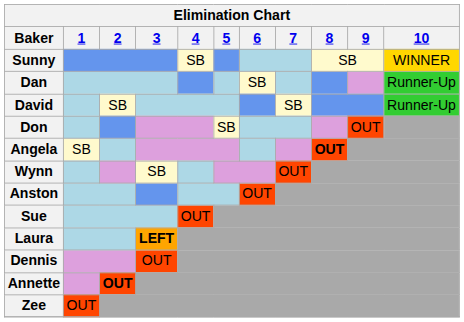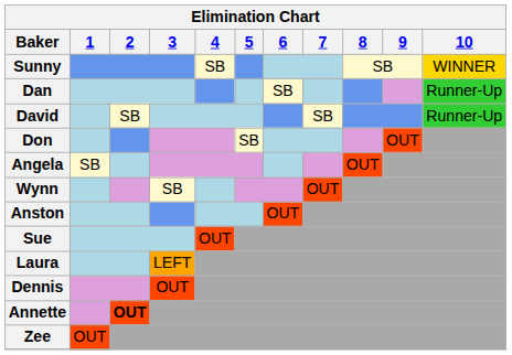 <table class="wikitable" style="text-align:center">
 <tr>
 <th colspan="11">Elimination Chart</th>
 </tr>
 <tr>
 <th>Baker</th>
 <th><a href='#'>1</a></th>
 <th><a href='#'>2</a></th>
 <th><a href='#'>3</a></th>
 <th><a href='#'>4</a></th>
 <th><a href='#'>5</a></th>
 <th><a href='#'>6</a></th>
 <th><a href='#'>7</a></th>
 <th><a href='#'>8</a></th>
 <th><a href='#'>9</a></th>
 <th><a href='#'>10</a></th>
 </tr>
 <tr>
 <th>Sunny</th>
 <td colspan="3" style="background:CornflowerBlue;"></td>
 <td style="background:LemonChiffon;">SB</td>
 <td style="background:CornflowerBlue;"></td>
 <td colspan="2" style="background:LightBlue;"></td>
 <td colspan="2" style="background:LemonChiffon;">SB</td>
 <td style="background:Gold;">WINNER</td>
 </tr>
 <tr>
 <th>Dan</th>
 <td colspan="3" style="background:LightBlue;"></td>
 <td style="background:CornflowerBlue;"></td>
 <td style="background:LightBlue;"></td>
 <td style="background:LemonChiffon;">SB</td>
 <td style="background:LightBlue;"></td>
 <td style="background:CornflowerBlue;"></td>
 <td style="background:Plum;"></td>
 <td style="background:LimeGreen;">Runner-Up</td>
 </tr>
 <tr>
 <th>David</th>
 <td style="background:LightBlue;"></td>
 <td style="background:LemonChiffon;">SB</td>
 <td colspan="3" style="background:LightBlue;"></td>
 <td style="background:CornflowerBlue;"></td>
 <td style="background:LemonChiffon;">SB</td>
 <td colspan="2" style="background:CornflowerBlue;"></td>
 <td style="background:LimeGreen;">Runner-Up</td>
 </tr>
 <tr>
 <th>Don</th>
 <td style="background:LightBlue;"></td>
 <td style="background:CornflowerBlue;"></td>
 <td colspan="2" style="background:Plum;"></td>
 <td style="background:LemonChiffon;">SB</td>
 <td colspan="2" style="background:LightBlue;"></td>
 <td style="background:Plum;"></td>
 <td style="background:OrangeRed;">OUT</td>
 <td style="background:DarkGrey;"></td>
 </tr>
 <tr>
 <th>Angela</th>
 <td style="background:LemonChiffon;">SB</td>
 <td style="background:LightBlue;"></td>
 <td colspan="3" style="background:Plum;"></td>
 <td style="background:LightBlue;"></td>
 <td style="background:Plum;"></td>
-<td style="background:OrangeRed;"><strong>OUT</strong></td>
+<td style="background:OrangeRed;">OUT</td>
 <td colspan="2" style="background:DarkGrey;"></td>
 </tr>
 <tr>
 <th>Wynn</th>
 <td style="background:LightBlue;"></td>
 <td style="background:Plum;"></td>
 <td style="background:LemonChiffon;">SB</td>
 <td style="background:LightBlue;"></td>
 <td colspan="2" style="background:Plum;"></td>
 <td style="background:OrangeRed;">OUT</td>
 <td colspan="3" style="background:DarkGrey;"></td>
 </tr>
 <tr>
 <th>Anston</th>
 <td colspan="2" style="background:LightBlue;"></td>
 <td style="background:CornflowerBlue;"></td>
 <td colspan="2" style="background:LightBlue;"></td>
 <td style="background:OrangeRed;">OUT</td>
 <td colspan="4" style="background:DarkGrey;"></td>
 </tr>
 <tr>
 <th>Sue</th>
 <td colspan="3" style="background:LightBlue;"></td>
 <td style="background:OrangeRed;">OUT</td>
 <td colspan="6" style="background:DarkGrey;"></td>
 </tr>
 <tr>
 <th>Laura</th>
 <td colspan="2" style="background:LightBlue;"></td>
-<td style="background:Orange;"><strong>LEFT</strong></td>
+<td style="background:Orange;">LEFT</td>
 <td colspan="7" style="background:DarkGrey;"></td>
 </tr>
 <tr>
 <th>Dennis</th>
 <td colspan="2" style="background:Plum;"></td>
 <td style="background:OrangeRed;">OUT</td>
 <td colspan="7" style="background:DarkGrey;"></td>
 </tr>
 <tr>
 <th>Annette</th>
 <td style="background:Plum;"></td>
 <td style="background:OrangeRed;"><strong>OUT</strong></td>
 <td colspan="8" style="background:DarkGrey;"></td>
 </tr>
 <tr>
 <th>Zee</th>
 <td style="background:OrangeRed;">OUT</td>
 <td colspan="9" style="background:DarkGrey;"></td>
 </tr>
 <tr>
 </tr>
 </table>
